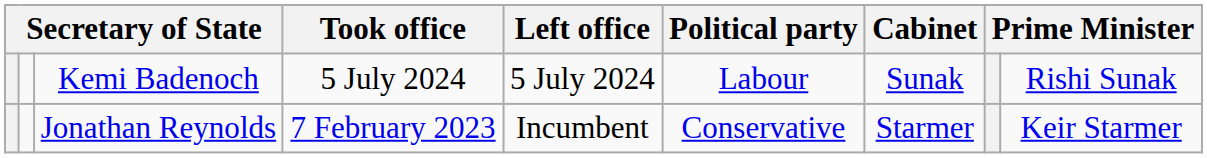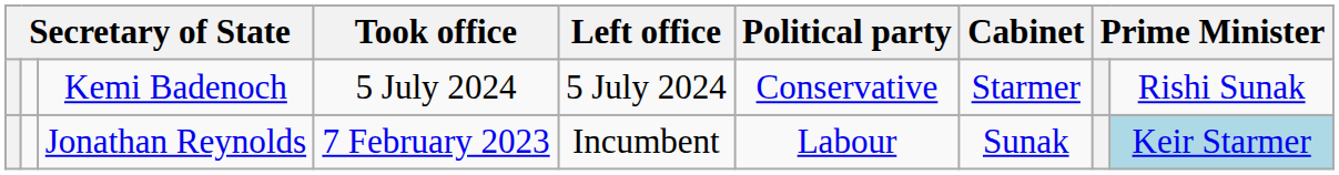 <table class="wikitable" style="text-align:center">
 <tr>
 <th colspan=3>Secretary of State</th>
 <th>Took office</th>
 <th>Left office</th>
 <th>Political party</th>
 <th>Cabinet</th>
 <th colspan=2>Prime Minister</th>
 </tr>
 <tr>
 <th style="background-color:"></th>
 <td></td>
 <td><a href='#'>Kemi Badenoch</a><br></td>
 <td>5 July 2024</td>
 <td>5 July 2024</td>
-<td><a href='#'>Labour</a></td>
-<td><a href='#'>Sunak</a></td>
+<td><a href='#'>Conservative</a></td>
+<td><a href='#'>Starmer</a></td>
 <th style="background-color:"></th>
 <td><a href='#'>Rishi Sunak</a></td>
 </tr>
 <tr>
 <th style="background-color:"></th>
 <td></td>
 <td><a href='#'>Jonathan Reynolds</a><br></td>
 <td><a href='#'>7 February 2023</a></td>
 <td>Incumbent</td>
-<td><a href='#'>Conservative</a></td>
-<td><a href='#'>Starmer</a></td>
+<td><a href='#'>Labour</a></td>
+<td><a href='#'>Sunak</a></td>
 <th style="background-color:"></th>
-<td><a href='#'>Keir Starmer</a></td>
+<td style="background: lightblue;"><a href='#'>Keir Starmer</a></td>
 </tr>
 </table>
